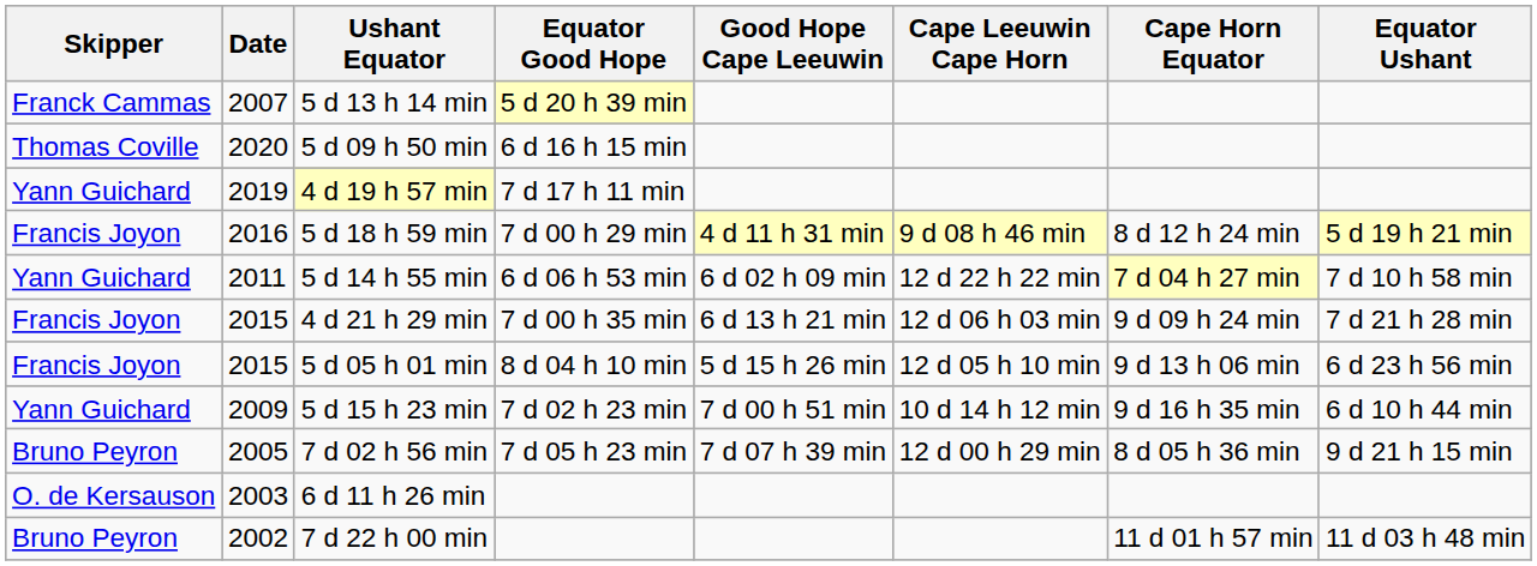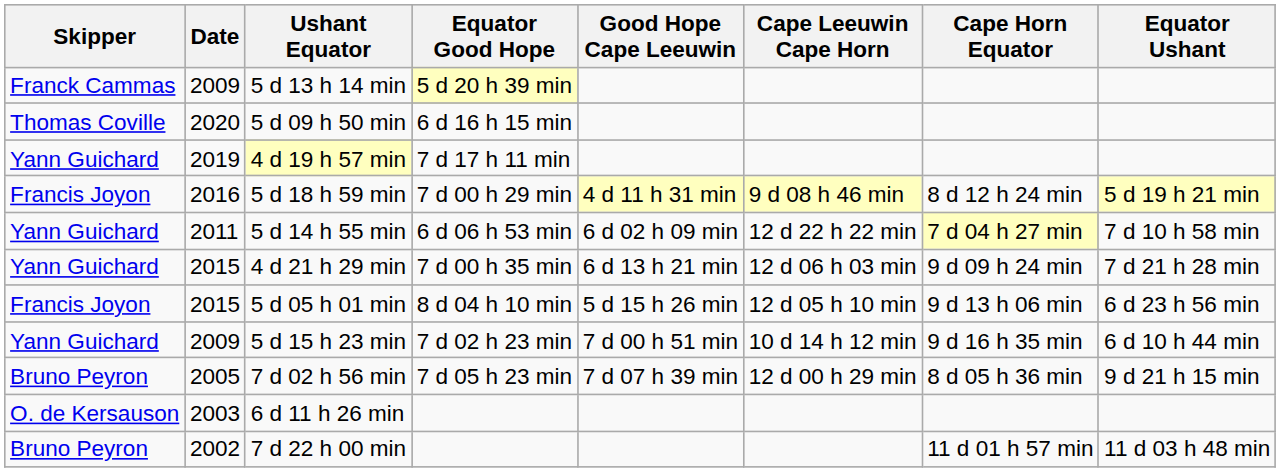 <table class="wikitable alternance sortable " style="font-size:14px">
 <tr>
 <th>Skipper</th>
 <th>Date</th>
 <th>Ushant<br>Equator</th>
 <th>Equator<br>Good Hope</th>
 <th>Good Hope<br>Cape Leeuwin</th>
 <th>Cape Leeuwin<br>Cape Horn</th>
 <th>Cape Horn<br>Equator</th>
 <th>Equator<br>Ushant</th>
 </tr>
 <tr>
 <td><a href='#'>Franck Cammas</a></td>
-<td>2007</td>
+<td>2009</td>
 <td>5 d 13 h 14 min</td>
 <td style="background:#ffffbf;">5 d 20 h 39 min</td>
 <td></td>
 <td></td>
 <td></td>
 <td></td>
 </tr>
 <tr>
 <td><a href='#'>Thomas Coville</a></td>
 <td>2020</td>
 <td>5 d 09 h 50 min</td>
 <td>6 d 16 h 15 min</td>
 <td></td>
 <td></td>
 <td></td>
 <td></td>
 </tr>
 <tr>
 <td><a href='#'>Yann Guichard</a></td>
 <td>2019</td>
 <td style="background:#ffffbf;">4 d 19 h 57 min</td>
 <td>7 d 17 h 11 min</td>
 <td></td>
 <td></td>
 <td></td>
 <td></td>
 </tr>
 <tr>
 <td><a href='#'>Francis Joyon</a></td>
 <td>2016</td>
 <td>5 d 18 h 59 min</td>
 <td>7 d 00 h 29 min</td>
 <td style="background:#ffffbf;">4 d 11 h 31 min</td>
 <td style="background:#ffffbf;">9 d 08 h 46 min</td>
 <td>8 d 12 h 24 min</td>
 <td style="background:#ffffbf;">5 d 19 h 21 min</td>
 </tr>
 <tr>
 <td><a href='#'>Yann Guichard</a></td>
 <td>2011</td>
 <td>5 d 14 h 55 min</td>
 <td>6 d 06 h 53 min</td>
 <td>6 d 02 h 09 min</td>
 <td>12 d 22 h 22 min</td>
 <td style="background:#ffffbf;">7 d 04 h 27 min</td>
 <td>7 d 10 h 58 min</td>
 </tr>
 <tr>
-<td><a href='#'>Francis Joyon</a></td>
+<td><a href='#'>Yann Guichard</a></td>
 <td>2015</td>
 <td>4 d 21 h 29 min</td>
 <td>7 d 00 h 35 min</td>
 <td>6 d 13 h 21 min</td>
 <td>12 d 06 h 03 min</td>
 <td>9 d 09 h 24 min</td>
 <td>7 d 21 h 28 min</td>
 </tr>
 <tr>
 <td><a href='#'>Francis Joyon</a></td>
 <td>2015</td>
 <td>5 d 05 h 01 min</td>
 <td>8 d 04 h 10 min</td>
 <td>5 d 15 h 26 min</td>
 <td>12 d 05 h 10 min</td>
 <td>9 d 13 h 06 min</td>
 <td>6 d 23 h 56 min</td>
 </tr>
 <tr>
 <td><a href='#'>Yann Guichard</a></td>
 <td>2009</td>
 <td>5 d 15 h 23 min</td>
 <td>7 d 02 h 23 min</td>
 <td>7 d 00 h 51 min</td>
 <td>10 d 14 h 12 min</td>
 <td>9 d 16 h 35 min</td>
 <td>6 d 10 h 44 min</td>
 </tr>
 <tr>
 <td><a href='#'>Bruno Peyron</a></td>
 <td>2005</td>
 <td>7 d 02 h 56 min</td>
 <td>7 d 05 h 23 min</td>
 <td>7 d 07 h 39 min</td>
 <td>12 d 00 h 29 min</td>
 <td>8 d 05 h 36 min</td>
 <td>9 d 21 h 15 min</td>
 </tr>
 <tr>
 <td><a href='#'>O. de Kersauson</a></td>
 <td>2003</td>
 <td>6 d 11 h 26 min</td>
 <td></td>
 <td></td>
 <td></td>
 <td></td>
 <td></td>
 </tr>
 <tr>
 <td><a href='#'>Bruno Peyron</a></td>
 <td>2002</td>
 <td>7 d 22 h 00 min</td>
 <td></td>
 <td></td>
 <td></td>
 <td>11 d 01 h 57 min</td>
 <td>11 d 03 h 48 min</td>
 </tr>
 </table>
